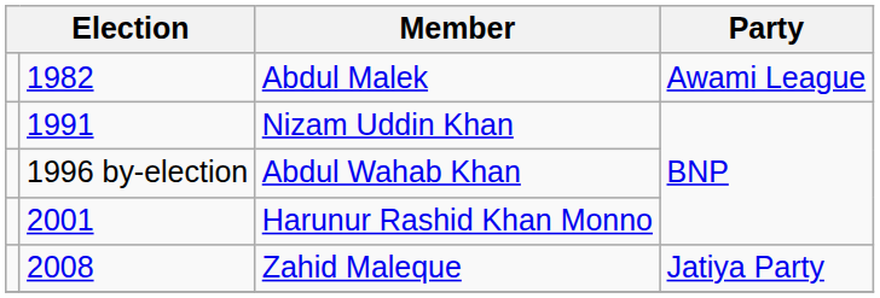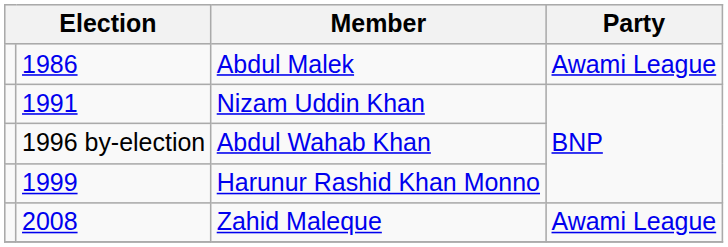 <table class="wikitable">
 <tr>
 <th colspan="2">Election</th>
 <th>Member</th>
 <th>Party</th>
 </tr>
 <tr>
 <td style="background-color:"></td>
-<td><a href='#'>1982</a></td>
+<td><a href='#'>1986</a></td>
 <td><a href='#'>Abdul Malek</a></td>
 <td><a href='#'>Awami League</a></td>
 </tr>
 <tr>
 <td style="background-color:"></td>
 <td><a href='#'>1991</a></td>
 <td><a href='#'>Nizam Uddin Khan</a></td>
 <td rowspan="3"><a href='#'>BNP</a></td>
 </tr>
 <tr>
 <td style="background-color:"></td>
 <td>1996 by-election</td>
 <td><a href='#'>Abdul Wahab Khan</a></td>
 </tr>
 <tr>
 <td style="background-color:"></td>
-<td><a href='#'>2001</a></td>
+<td><a href='#'>1999</a></td>
 <td><a href='#'>Harunur Rashid Khan Monno</a></td>
 </tr>
 <tr>
 <td style="background-color:"></td>
 <td><a href='#'>2008</a></td>
 <td><a href='#'>Zahid Maleque</a></td>
-<td><a href='#'>Jatiya Party</a></td>
+<td><a href='#'>Awami League</a></td>
 </tr>
 <tr>
 </tr>
 </table>
